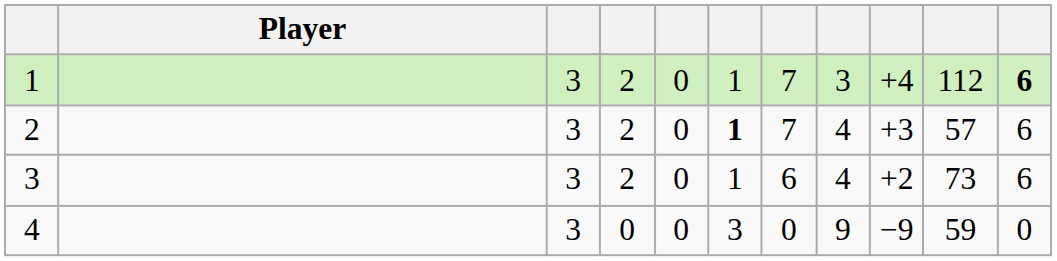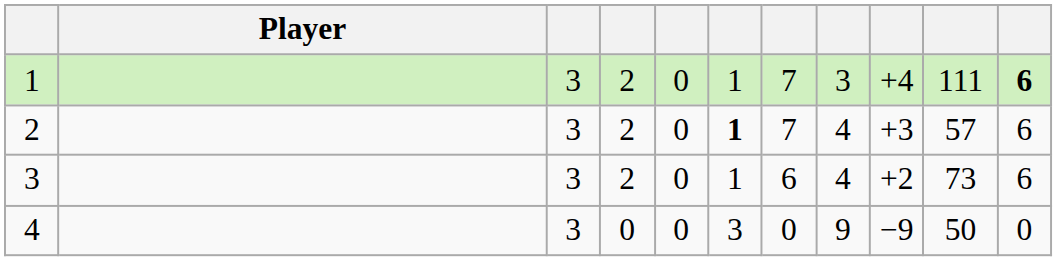 <table class="wikitable" style="text-align:center; margin: 1em auto 1em auto, align:left">
 <tr>
 <th width=20></th>
 <th width=240>Player</th>
 <th width=20></th>
 <th width=20></th>
 <th width=20></th>
 <th width=20></th>
 <th width=20></th>
 <th width=20></th>
 <th width=20></th>
 <th width=30></th>
 <th width=20></th>
 </tr>
 <tr style="background:#D0F0C0;">
 <td>1</td>
 <td align=left></td>
 <td>3</td>
 <td>2</td>
 <td>0</td>
 <td>1</td>
 <td>7</td>
 <td>3</td>
 <td>+4</td>
-<td>112</td>
+<td>111</td>
 <td><strong>6</strong></td>
 </tr>
 <tr style=>
 <td>2</td>
 <td align=left></td>
 <td>3</td>
 <td>2</td>
 <td>0</td>
 <td><strong>1</strong></td>
 <td>7</td>
 <td>4</td>
 <td>+3</td>
 <td>57</td>
 <td>6</td>
 </tr>
 <tr style=>
 <td>3</td>
 <td align=left></td>
 <td>3</td>
 <td>2</td>
 <td>0</td>
 <td>1</td>
 <td>6</td>
 <td>4</td>
 <td>+2</td>
 <td>73</td>
 <td>6</td>
 </tr>
 <tr style=>
 <td>4</td>
 <td align=left></td>
 <td>3</td>
 <td>0</td>
 <td>0</td>
 <td>3</td>
 <td>0</td>
 <td>9</td>
 <td>−9</td>
-<td>59</td>
+<td>50</td>
 <td>0</td>
 </tr>
 </table>
